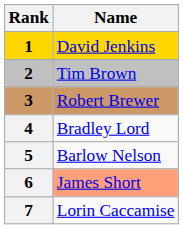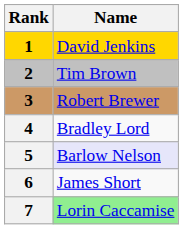 <table class="wikitable">
 <tr>
 <th>Rank</th>
 <th>Name</th>
 </tr>
 <tr bgcolor="gold">
 <td align="center"><strong>1</strong></td>
 <td><a href='#'>David Jenkins</a></td>
 </tr>
 <tr bgcolor="silver">
 <td align="center"><strong>2</strong></td>
 <td><a href='#'>Tim Brown</a></td>
 </tr>
 <tr bgcolor="cc9966">
 <td align="center"><strong>3</strong></td>
 <td><a href='#'>Robert Brewer</a></td>
 </tr>
 <tr>
 <th>4</th>
 <td><a href='#'>Bradley Lord</a></td>
 </tr>
 <tr>
 <th>5</th>
-<td><a href='#'>Barlow Nelson</a></td>
+<td style="background: lavender;"><a href='#'>Barlow Nelson</a></td>
 </tr>
 <tr>
 <th>6</th>
-<td style="background: lightsalmon;"><a href='#'>James Short</a></td>
+<td><a href='#'>James Short</a></td>
 </tr>
 <tr>
 <th>7</th>
-<td><a href='#'>Lorin Caccamise</a></td>
+<td style="background: lightgreen;"><a href='#'>Lorin Caccamise</a></td>
 </tr>
 </table>
